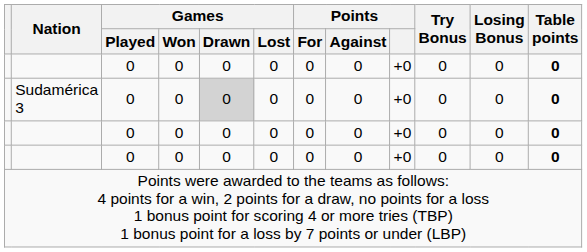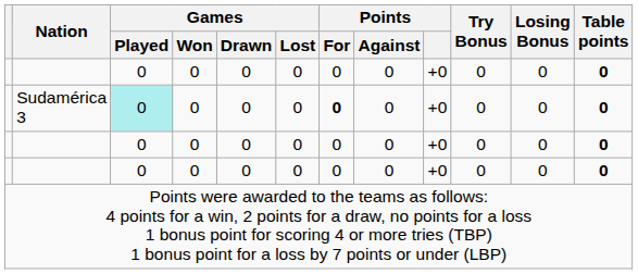 <table class="wikitable" style="width:50%;">
 <tr>
 <th rowspan="2" style="width:5%;"></th>
 <th rowspan="2" style="width:20%;">Nation</th>
 <th colspan="4" style="width:32%;">Games</th>
 <th colspan="3" style="width:18%;">Points</th>
 <th rowspan="2" style="width:8%;">Try<br>Bonus</th>
 <th rowspan="2" style="width:8%;">Losing<br>Bonus</th>
 <th rowspan="2" style="width:10%;">Table<br>points</th>
 </tr>
 <tr>
 <th style="width:8%;">Played</th>
 <th style="width:8%;">Won</th>
 <th style="width:8%;">Drawn</th>
 <th style="width:8%;">Lost</th>
 <th style="width:8%;">For</th>
 <th style="width:8%;">Against</th>
 <th style="width:10%;"></th>
 </tr>
 <tr align="center">
 <td></td>
 <td align="left"></td>
 <td>0</td>
 <td>0</td>
 <td>0</td>
 <td>0</td>
 <td>0</td>
 <td>0</td>
 <td>+0</td>
 <td>0</td>
 <td>0</td>
 <td><strong>0</strong></td>
 </tr>
 <tr align="center">
 <td></td>
 <td align="left">Sudamérica 3</td>
+<td style="background: paleturquoise;">0</td>
 <td>0</td>
 <td>0</td>
-<td style="background: lightgrey;">0</td>
 <td>0</td>
-<td>0</td>
+<td><strong>0</strong></td>
 <td>0</td>
 <td>+0</td>
 <td>0</td>
 <td>0</td>
 <td><strong>0</strong></td>
 </tr>
 <tr align="center">
 <td></td>
 <td align="left"></td>
 <td>0</td>
 <td>0</td>
 <td>0</td>
 <td>0</td>
 <td>0</td>
 <td>0</td>
 <td>+0</td>
 <td>0</td>
 <td>0</td>
 <td><strong>0</strong></td>
 </tr>
 <tr align="center">
 <td></td>
 <td align="left"></td>
 <td>0</td>
 <td>0</td>
 <td>0</td>
 <td>0</td>
 <td>0</td>
 <td>0</td>
 <td>+0</td>
 <td>0</td>
 <td>0</td>
 <td><strong>0</strong></td>
 </tr>
 <tr>
 <td colspan="100%" style="text-align:center">Points were awarded to the teams as follows:<br>4 points for a win, 2 points for a draw, no points for a loss<br>1 bonus point for scoring 4 or more tries (TBP)<br>1 bonus point for a loss by 7 points or under (LBP)</td>
 </tr>
 </table>
